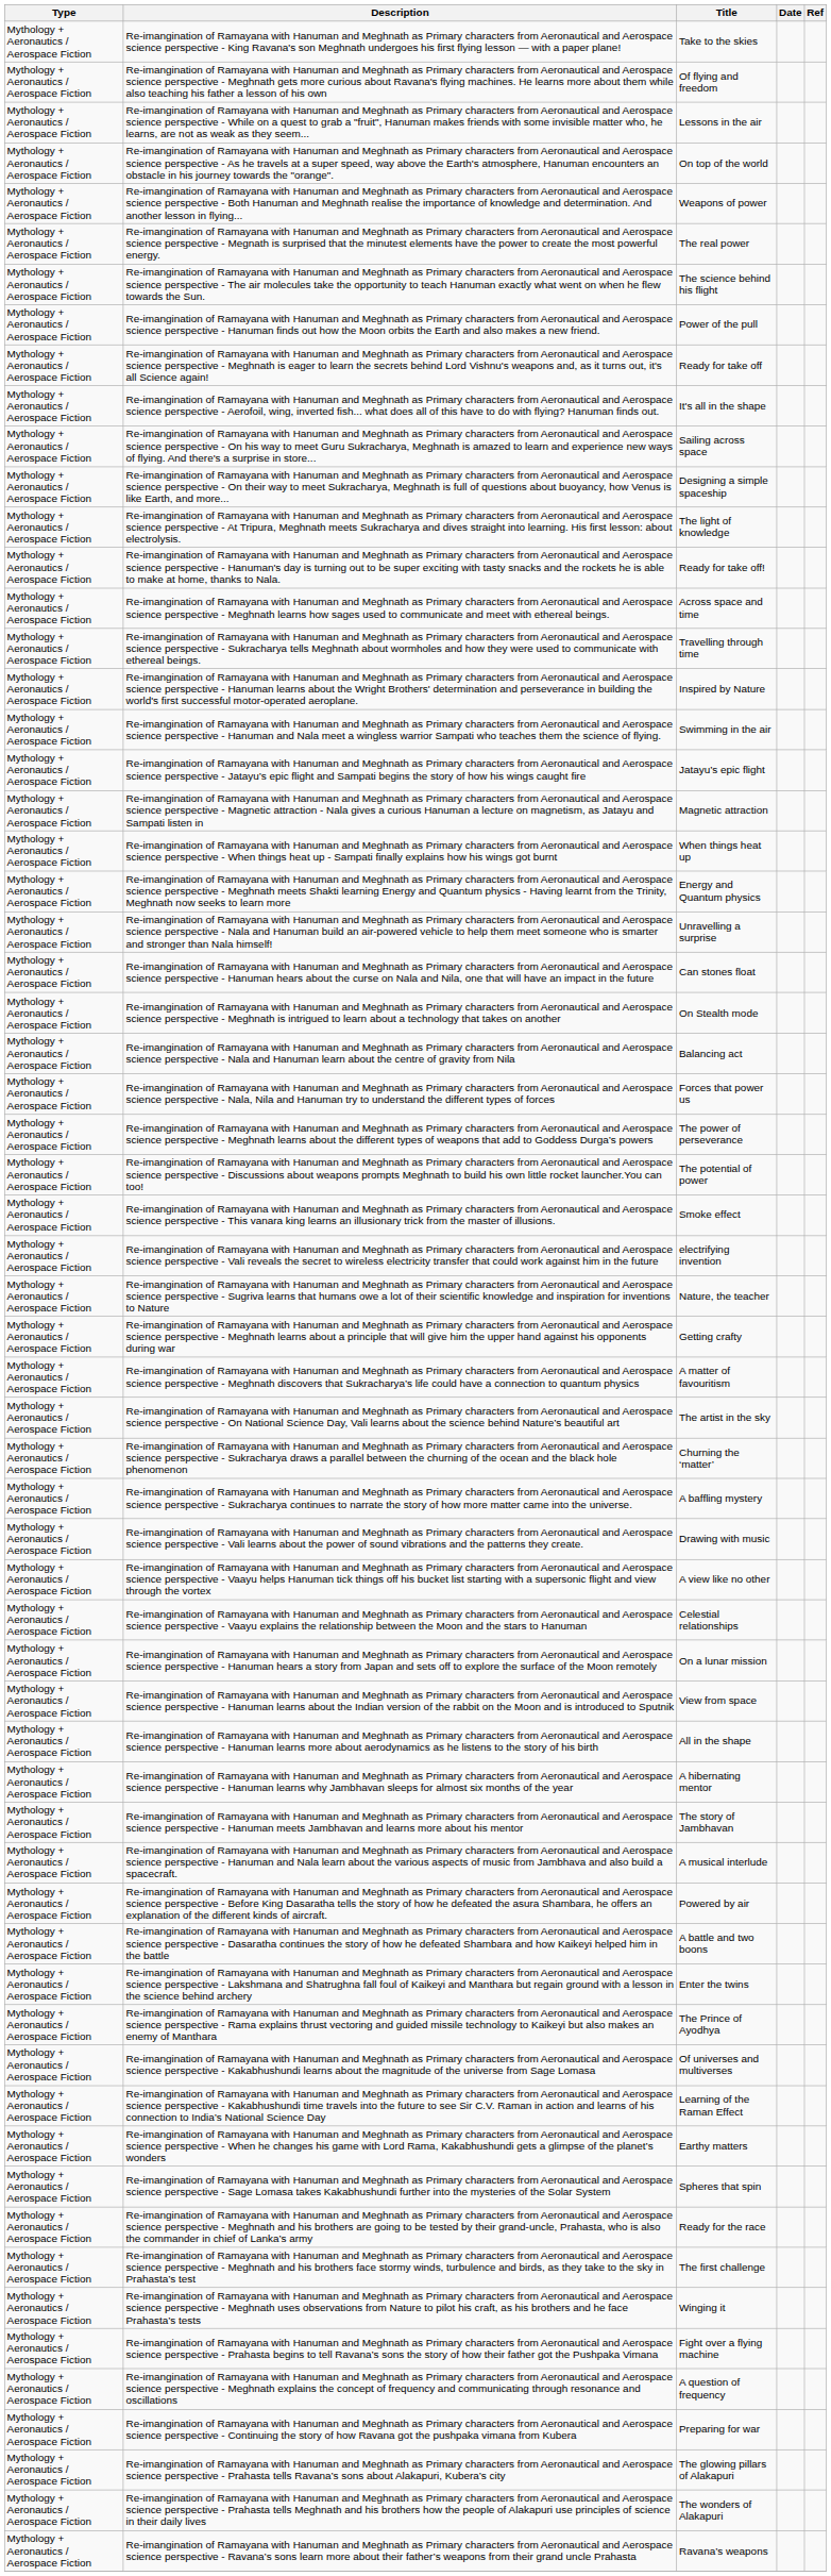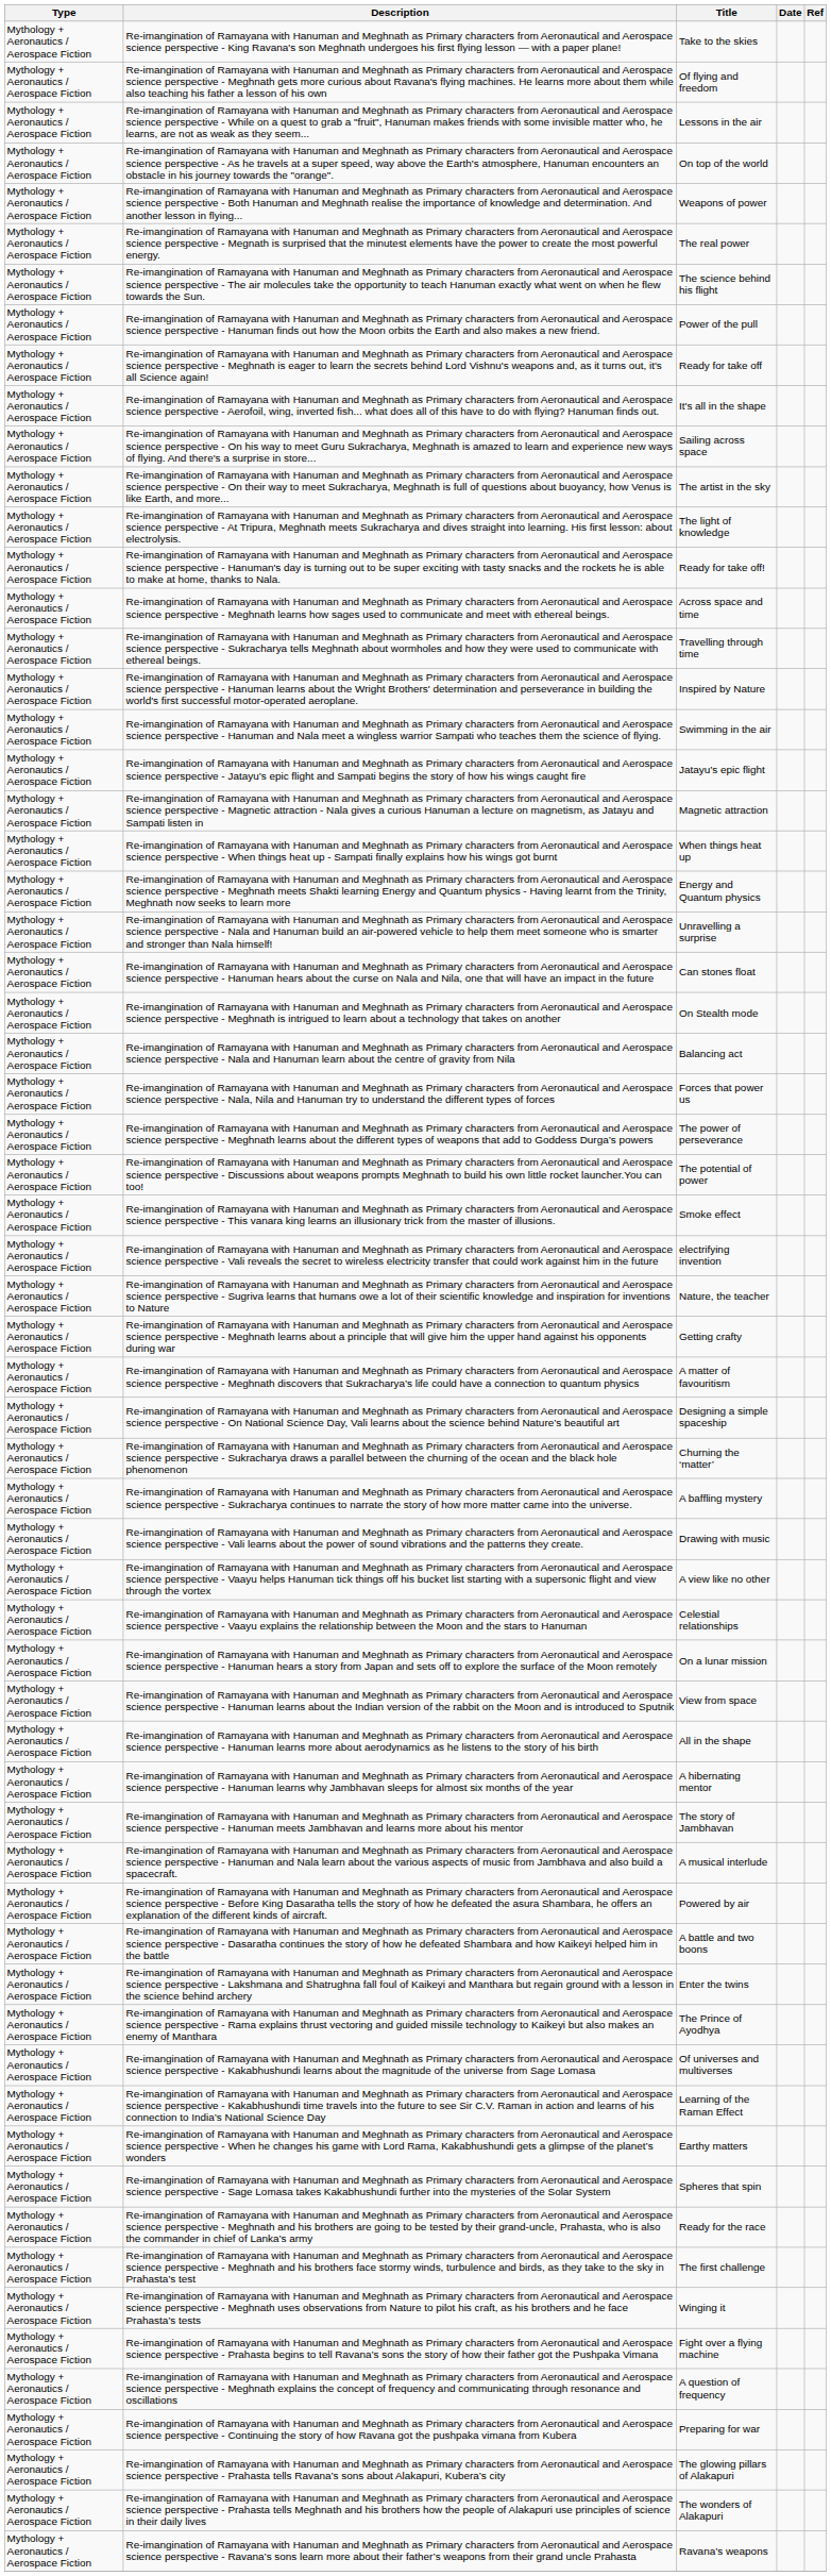 <table class="wikitable">
 <tr style="background:#cccccf; text-align:center;">
 <th>Type</th>
 <th>Description</th>
 <th>Title</th>
 <th>Date</th>
 <th>Ref</th>
 </tr>
 <tr>
 <td>Mythology + Aeronautics / Aerospace Fiction</td>
 <td>Re-imangination of Ramayana with Hanuman and Meghnath as Primary characters from Aeronautical and Aerospace science perspective - King Ravana's son Meghnath undergoes his first flying lesson — with a paper plane!</td>
 <td>Take to the skies</td>
 <td></td>
 <td></td>
 </tr>
 <tr>
 <td>Mythology + Aeronautics / Aerospace Fiction</td>
 <td>Re-imangination of Ramayana with Hanuman and Meghnath as Primary characters from Aeronautical and Aerospace science perspective - Meghnath gets more curious about Ravana's flying machines. He learns more about them while also teaching his father a lesson of his own</td>
 <td>Of flying and freedom</td>
 <td></td>
 <td></td>
 </tr>
 <tr>
 <td>Mythology + Aeronautics / Aerospace Fiction</td>
 <td>Re-imangination of Ramayana with Hanuman and Meghnath as Primary characters from Aeronautical and Aerospace science perspective - While on a quest to grab a "fruit", Hanuman makes friends with some invisible matter who, he learns, are not as weak as they seem...</td>
 <td>Lessons in the air</td>
 <td></td>
 <td></td>
 </tr>
 <tr>
 <td>Mythology + Aeronautics / Aerospace Fiction</td>
 <td>Re-imangination of Ramayana with Hanuman and Meghnath as Primary characters from Aeronautical and Aerospace science perspective - As he travels at a super speed, way above the Earth's atmosphere, Hanuman encounters an obstacle in his journey towards the "orange".</td>
 <td>On top of the world</td>
 <td></td>
 <td></td>
 </tr>
 <tr>
 <td>Mythology + Aeronautics / Aerospace Fiction</td>
 <td>Re-imangination of Ramayana with Hanuman and Meghnath as Primary characters from Aeronautical and Aerospace science perspective - Both Hanuman and Meghnath realise the importance of knowledge and determination. And another lesson in flying...</td>
 <td>Weapons of power</td>
 <td></td>
 <td></td>
 </tr>
 <tr>
 <td>Mythology + Aeronautics / Aerospace Fiction</td>
 <td>Re-imangination of Ramayana with Hanuman and Meghnath as Primary characters from Aeronautical and Aerospace science perspective - Megnath is surprised that the minutest elements have the power to create the most powerful energy.</td>
 <td>The real power</td>
 <td></td>
 <td></td>
 </tr>
 <tr>
 <td>Mythology + Aeronautics / Aerospace Fiction</td>
 <td>Re-imangination of Ramayana with Hanuman and Meghnath as Primary characters from Aeronautical and Aerospace science perspective - The air molecules take the opportunity to teach Hanuman exactly what went on when he flew towards the Sun.</td>
 <td>The science behind his flight</td>
 <td></td>
 <td></td>
 </tr>
 <tr>
 <td>Mythology + Aeronautics / Aerospace Fiction</td>
 <td>Re-imangination of Ramayana with Hanuman and Meghnath as Primary characters from Aeronautical and Aerospace science perspective - Hanuman finds out how the Moon orbits the Earth and also makes a new friend.</td>
 <td>Power of the pull</td>
 <td></td>
 <td></td>
 </tr>
 <tr>
 <td>Mythology + Aeronautics / Aerospace Fiction</td>
 <td>Re-imangination of Ramayana with Hanuman and Meghnath as Primary characters from Aeronautical and Aerospace science perspective - Meghnath is eager to learn the secrets behind Lord Vishnu's weapons and, as it turns out, it's all Science again!</td>
 <td>Ready for take off</td>
 <td></td>
 <td></td>
 </tr>
 <tr>
 <td>Mythology + Aeronautics / Aerospace Fiction</td>
 <td>Re-imangination of Ramayana with Hanuman and Meghnath as Primary characters from Aeronautical and Aerospace science perspective - Aerofoil, wing, inverted fish... what does all of this have to do with flying? Hanuman finds out.</td>
 <td>It's all in the shape</td>
 <td></td>
 <td></td>
 </tr>
 <tr>
 <td>Mythology + Aeronautics / Aerospace Fiction</td>
 <td>Re-imangination of Ramayana with Hanuman and Meghnath as Primary characters from Aeronautical and Aerospace science perspective - On his way to meet Guru Sukracharya, Meghnath is amazed to learn and experience new ways of flying. And there's a surprise in store...</td>
 <td>Sailing across space</td>
 <td></td>
 <td></td>
 </tr>
 <tr>
 <td>Mythology + Aeronautics / Aerospace Fiction</td>
 <td>Re-imangination of Ramayana with Hanuman and Meghnath as Primary characters from Aeronautical and Aerospace science perspective - On their way to meet Sukracharya, Meghnath is full of questions about buoyancy, how Venus is like Earth, and more...</td>
-<td>Designing a simple spaceship</td>
+<td>The artist in the sky</td>
 <td></td>
 <td></td>
 </tr>
 <tr>
 <td>Mythology + Aeronautics / Aerospace Fiction</td>
 <td>Re-imangination of Ramayana with Hanuman and Meghnath as Primary characters from Aeronautical and Aerospace science perspective - At Tripura, Meghnath meets Sukracharya and dives straight into learning. His first lesson: about electrolysis.</td>
 <td>The light of knowledge</td>
 <td></td>
 <td></td>
 </tr>
 <tr>
 <td>Mythology + Aeronautics / Aerospace Fiction</td>
 <td>Re-imangination of Ramayana with Hanuman and Meghnath as Primary characters from Aeronautical and Aerospace science perspective - Hanuman's day is turning out to be super exciting with tasty snacks and the rockets he is able to make at home, thanks to Nala.</td>
 <td>Ready for take off!</td>
 <td></td>
 <td></td>
 </tr>
 <tr>
 <td>Mythology + Aeronautics / Aerospace Fiction</td>
 <td>Re-imangination of Ramayana with Hanuman and Meghnath as Primary characters from Aeronautical and Aerospace science perspective - Meghnath learns how sages used to communicate and meet with ethereal beings.</td>
 <td>Across space and time</td>
 <td></td>
 <td></td>
 </tr>
 <tr>
 <td>Mythology + Aeronautics / Aerospace Fiction</td>
 <td>Re-imangination of Ramayana with Hanuman and Meghnath as Primary characters from Aeronautical and Aerospace science perspective - Sukracharya tells Meghnath about wormholes and how they were used to communicate with ethereal beings.</td>
 <td>Travelling through time</td>
 <td></td>
 <td></td>
 </tr>
 <tr>
 <td>Mythology + Aeronautics / Aerospace Fiction</td>
 <td>Re-imangination of Ramayana with Hanuman and Meghnath as Primary characters from Aeronautical and Aerospace science perspective - Hanuman learns about the Wright Brothers' determination and perseverance in building the world's first successful motor-operated aeroplane.</td>
 <td>Inspired by Nature</td>
 <td></td>
 <td></td>
 </tr>
 <tr>
 <td>Mythology + Aeronautics / Aerospace Fiction</td>
 <td>Re-imangination of Ramayana with Hanuman and Meghnath as Primary characters from Aeronautical and Aerospace science perspective - Hanuman and Nala meet a wingless warrior Sampati who teaches them the science of flying.</td>
 <td>Swimming in the air</td>
 <td></td>
 <td></td>
 </tr>
 <tr>
 <td>Mythology + Aeronautics / Aerospace Fiction</td>
 <td>Re-imangination of Ramayana with Hanuman and Meghnath as Primary characters from Aeronautical and Aerospace science perspective - Jatayu’s epic flight and Sampati begins the story of how his wings caught fire</td>
 <td>Jatayu’s epic flight</td>
 <td></td>
 <td></td>
 </tr>
 <tr>
 <td>Mythology + Aeronautics / Aerospace Fiction</td>
 <td>Re-imangination of Ramayana with Hanuman and Meghnath as Primary characters from Aeronautical and Aerospace science perspective - Magnetic attraction - Nala gives a curious Hanuman a lecture on magnetism, as Jatayu and Sampati listen in</td>
 <td>Magnetic attraction</td>
 <td></td>
 <td></td>
 </tr>
 <tr>
 <td>Mythology + Aeronautics / Aerospace Fiction</td>
 <td>Re-imangination of Ramayana with Hanuman and Meghnath as Primary characters from Aeronautical and Aerospace science perspective - When things heat up - Sampati finally explains how his wings got burnt</td>
 <td>When things heat up</td>
 <td></td>
 <td></td>
 </tr>
 <tr>
 <td>Mythology + Aeronautics / Aerospace Fiction</td>
 <td>Re-imangination of Ramayana with Hanuman and Meghnath as Primary characters from Aeronautical and Aerospace science perspective - Meghnath meets Shakti learning Energy and Quantum physics - Having learnt from the Trinity, Meghnath now seeks to learn more</td>
 <td>Energy and Quantum physics</td>
 <td></td>
 <td></td>
 </tr>
 <tr>
 <td>Mythology + Aeronautics / Aerospace Fiction</td>
 <td>Re-imangination of Ramayana with Hanuman and Meghnath as Primary characters from Aeronautical and Aerospace science perspective - Nala and Hanuman build an air-powered vehicle to help them meet someone who is smarter and stronger than Nala himself!</td>
 <td>Unravelling a surprise</td>
 <td></td>
 <td></td>
 </tr>
 <tr>
 <td>Mythology + Aeronautics / Aerospace Fiction</td>
 <td>Re-imangination of Ramayana with Hanuman and Meghnath as Primary characters from Aeronautical and Aerospace science perspective - Hanuman hears about the curse on Nala and Nila, one that will have an impact in the future</td>
 <td>Can stones float</td>
 <td></td>
 <td></td>
 </tr>
 <tr>
 <td>Mythology + Aeronautics / Aerospace Fiction</td>
 <td>Re-imangination of Ramayana with Hanuman and Meghnath as Primary characters from Aeronautical and Aerospace science perspective - Meghnath is intrigued to learn about a technology that takes on another</td>
 <td>On Stealth mode</td>
 <td></td>
 <td></td>
 </tr>
 <tr>
 <td>Mythology + Aeronautics / Aerospace Fiction</td>
 <td>Re-imangination of Ramayana with Hanuman and Meghnath as Primary characters from Aeronautical and Aerospace science perspective - Nala and Hanuman learn about the centre of gravity from Nila</td>
 <td>Balancing act</td>
 <td></td>
 <td></td>
 </tr>
 <tr>
 <td>Mythology + Aeronautics / Aerospace Fiction</td>
 <td>Re-imangination of Ramayana with Hanuman and Meghnath as Primary characters from Aeronautical and Aerospace science perspective - Nala, Nila and Hanuman try to understand the different types of forces</td>
 <td>Forces that power us</td>
 <td></td>
 <td></td>
 </tr>
 <tr>
 <td>Mythology + Aeronautics / Aerospace Fiction</td>
 <td>Re-imangination of Ramayana with Hanuman and Meghnath as Primary characters from Aeronautical and Aerospace science perspective - Meghnath learns about the different types of weapons that add to Goddess Durga’s powers</td>
 <td>The power of perseverance</td>
 <td></td>
 <td></td>
 </tr>
 <tr>
 <td>Mythology + Aeronautics / Aerospace Fiction</td>
 <td>Re-imangination of Ramayana with Hanuman and Meghnath as Primary characters from Aeronautical and Aerospace science perspective - Discussions about weapons prompts Meghnath to build his own little rocket launcher.You can too!</td>
 <td>The potential of power</td>
 <td></td>
 <td></td>
 </tr>
 <tr>
 <td>Mythology + Aeronautics / Aerospace Fiction</td>
 <td>Re-imangination of Ramayana with Hanuman and Meghnath as Primary characters from Aeronautical and Aerospace science perspective - This vanara king learns an illusionary trick from the master of illusions.</td>
 <td>Smoke effect</td>
 <td></td>
 <td></td>
 </tr>
 <tr>
 <td>Mythology + Aeronautics / Aerospace Fiction</td>
 <td>Re-imangination of Ramayana with Hanuman and Meghnath as Primary characters from Aeronautical and Aerospace science perspective - Vali reveals the secret to wireless electricity transfer that could work against him in the future</td>
 <td>electrifying invention</td>
 <td></td>
 <td></td>
 </tr>
 <tr>
 <td>Mythology + Aeronautics / Aerospace Fiction</td>
 <td>Re-imangination of Ramayana with Hanuman and Meghnath as Primary characters from Aeronautical and Aerospace science perspective - Sugriva learns that humans owe a lot of their scientific knowledge and inspiration for inventions to Nature</td>
 <td>Nature, the teacher</td>
 <td></td>
 <td></td>
 </tr>
 <tr>
 <td>Mythology + Aeronautics / Aerospace Fiction</td>
 <td>Re-imangination of Ramayana with Hanuman and Meghnath as Primary characters from Aeronautical and Aerospace science perspective - Meghnath learns about a principle that will give him the upper hand against his opponents during war</td>
 <td>Getting crafty</td>
 <td></td>
 <td></td>
 </tr>
 <tr>
 <td>Mythology + Aeronautics / Aerospace Fiction</td>
 <td>Re-imangination of Ramayana with Hanuman and Meghnath as Primary characters from Aeronautical and Aerospace science perspective - Meghnath discovers that Sukracharya’s life could have a connection to quantum physics</td>
 <td>A matter of favouritism</td>
 <td></td>
 <td></td>
 </tr>
 <tr>
 <td>Mythology + Aeronautics / Aerospace Fiction</td>
 <td>Re-imangination of Ramayana with Hanuman and Meghnath as Primary characters from Aeronautical and Aerospace science perspective - On National Science Day, Vali learns about the science behind Nature’s beautiful art</td>
-<td>The artist in the sky</td>
+<td>Designing a simple spaceship</td>
 <td></td>
 <td></td>
 </tr>
 <tr>
 <td>Mythology + Aeronautics / Aerospace Fiction</td>
 <td>Re-imangination of Ramayana with Hanuman and Meghnath as Primary characters from Aeronautical and Aerospace science perspective - Sukracharya draws a parallel between the churning of the ocean and the black hole phenomenon</td>
 <td>Churning the ‘matter’</td>
 <td></td>
 <td></td>
 </tr>
 <tr>
 <td>Mythology + Aeronautics / Aerospace Fiction</td>
 <td>Re-imangination of Ramayana with Hanuman and Meghnath as Primary characters from Aeronautical and Aerospace science perspective - Sukracharya continues to narrate the story of how more matter came into the universe.</td>
 <td>A baffling mystery</td>
 <td></td>
 <td></td>
 </tr>
 <tr>
 <td>Mythology + Aeronautics / Aerospace Fiction</td>
 <td>Re-imangination of Ramayana with Hanuman and Meghnath as Primary characters from Aeronautical and Aerospace science perspective - Vali learns about the power of sound vibrations and the patterns they create.</td>
 <td>Drawing with music</td>
 <td></td>
 <td></td>
 </tr>
 <tr>
 <td>Mythology + Aeronautics / Aerospace Fiction</td>
 <td>Re-imangination of Ramayana with Hanuman and Meghnath as Primary characters from Aeronautical and Aerospace science perspective - Vaayu helps Hanuman tick things off his bucket list starting with a supersonic flight and view through the vortex</td>
 <td>A view like no other</td>
 <td></td>
 <td></td>
 </tr>
 <tr>
 <td>Mythology + Aeronautics / Aerospace Fiction</td>
 <td>Re-imangination of Ramayana with Hanuman and Meghnath as Primary characters from Aeronautical and Aerospace science perspective - Vaayu explains the relationship between the Moon and the stars to Hanuman</td>
 <td>Celestial relationships</td>
 <td></td>
 <td></td>
 </tr>
 <tr>
 <td>Mythology + Aeronautics / Aerospace Fiction</td>
 <td>Re-imangination of Ramayana with Hanuman and Meghnath as Primary characters from Aeronautical and Aerospace science perspective - Hanuman hears a story from Japan and sets off to explore the surface of the Moon remotely</td>
 <td>On a lunar mission</td>
 <td></td>
 <td></td>
 </tr>
 <tr>
 <td>Mythology + Aeronautics / Aerospace Fiction</td>
 <td>Re-imangination of Ramayana with Hanuman and Meghnath as Primary characters from Aeronautical and Aerospace science perspective - Hanuman learns about the Indian version of the rabbit on the Moon and is introduced to Sputnik</td>
 <td>View from space</td>
 <td></td>
 <td></td>
 </tr>
 <tr>
 <td>Mythology + Aeronautics / Aerospace Fiction</td>
 <td>Re-imangination of Ramayana with Hanuman and Meghnath as Primary characters from Aeronautical and Aerospace science perspective - Hanuman learns more about aerodynamics as he listens to the story of his birth</td>
 <td>All in the shape</td>
 <td></td>
 <td></td>
 </tr>
 <tr>
 <td>Mythology + Aeronautics / Aerospace Fiction</td>
 <td>Re-imangination of Ramayana with Hanuman and Meghnath as Primary characters from Aeronautical and Aerospace science perspective - Hanuman learns why Jambhavan sleeps for almost six months of the year</td>
 <td>A hibernating mentor</td>
 <td></td>
 <td></td>
 </tr>
 <tr>
 <td>Mythology + Aeronautics / Aerospace Fiction</td>
 <td>Re-imangination of Ramayana with Hanuman and Meghnath as Primary characters from Aeronautical and Aerospace science perspective - Hanuman meets Jambhavan and learns more about his mentor</td>
 <td>The story of Jambhavan</td>
 <td></td>
 <td></td>
 </tr>
 <tr>
 <td>Mythology + Aeronautics / Aerospace Fiction</td>
 <td>Re-imangination of Ramayana with Hanuman and Meghnath as Primary characters from Aeronautical and Aerospace science perspective - Hanuman and Nala learn about the various aspects of music from Jambhava and also build a spacecraft.</td>
 <td>A musical interlude</td>
 <td></td>
 <td></td>
 </tr>
 <tr>
 <td>Mythology + Aeronautics / Aerospace Fiction</td>
 <td>Re-imangination of Ramayana with Hanuman and Meghnath as Primary characters from Aeronautical and Aerospace science perspective - Before King Dasaratha tells the story of how he defeated the asura Shambara, he offers an explanation of the different kinds of aircraft.</td>
 <td>Powered by air</td>
 <td></td>
 <td></td>
 </tr>
 <tr>
 <td>Mythology + Aeronautics / Aerospace Fiction</td>
 <td>Re-imangination of Ramayana with Hanuman and Meghnath as Primary characters from Aeronautical and Aerospace science perspective - Dasaratha continues the story of how he defeated Shambara and how Kaikeyi helped him in the battle</td>
 <td>A battle and two boons</td>
 <td></td>
 <td></td>
 </tr>
 <tr>
 <td>Mythology + Aeronautics / Aerospace Fiction</td>
 <td>Re-imangination of Ramayana with Hanuman and Meghnath as Primary characters from Aeronautical and Aerospace science perspective - Lakshmana and Shatrughna fall foul of Kaikeyi and Manthara but regain ground with a lesson in the science behind archery</td>
 <td>Enter the twins</td>
 <td></td>
 <td></td>
 </tr>
 <tr>
 <td>Mythology + Aeronautics / Aerospace Fiction</td>
 <td>Re-imangination of Ramayana with Hanuman and Meghnath as Primary characters from Aeronautical and Aerospace science perspective - Rama explains thrust vectoring and guided missile technology to Kaikeyi but also makes an enemy of Manthara</td>
 <td>The Prince of Ayodhya</td>
 <td></td>
 <td></td>
 </tr>
 <tr>
 <td>Mythology + Aeronautics / Aerospace Fiction</td>
 <td>Re-imangination of Ramayana with Hanuman and Meghnath as Primary characters from Aeronautical and Aerospace science perspective - Kakabhushundi learns about the magnitude of the universe from Sage Lomasa</td>
 <td>Of universes and multiverses</td>
 <td></td>
 <td></td>
 </tr>
 <tr>
 <td>Mythology + Aeronautics / Aerospace Fiction</td>
 <td>Re-imangination of Ramayana with Hanuman and Meghnath as Primary characters from Aeronautical and Aerospace science perspective - Kakabhushundi time travels into the future to see Sir C.V. Raman in action and learns of his connection to India’s National Science Day</td>
 <td>Learning of the Raman Effect</td>
 <td></td>
 <td></td>
 </tr>
 <tr>
 <td>Mythology + Aeronautics / Aerospace Fiction</td>
 <td>Re-imangination of Ramayana with Hanuman and Meghnath as Primary characters from Aeronautical and Aerospace science perspective - When he changes his game with Lord Rama, Kakabhushundi gets a glimpse of the planet’s wonders</td>
 <td>Earthy matters</td>
 <td></td>
 <td></td>
 </tr>
 <tr>
 <td>Mythology + Aeronautics / Aerospace Fiction</td>
 <td>Re-imangination of Ramayana with Hanuman and Meghnath as Primary characters from Aeronautical and Aerospace science perspective - Sage Lomasa takes Kakabhushundi further into the mysteries of the Solar System</td>
 <td>Spheres that spin</td>
 <td></td>
 <td></td>
 </tr>
 <tr>
 <td>Mythology + Aeronautics / Aerospace Fiction</td>
 <td>Re-imangination of Ramayana with Hanuman and Meghnath as Primary characters from Aeronautical and Aerospace science perspective - Meghnath and his brothers are going to be tested by their grand-uncle, Prahasta, who is also the commander in chief of Lanka’s army</td>
 <td>Ready for the race</td>
 <td></td>
 <td></td>
 </tr>
 <tr>
 <td>Mythology + Aeronautics / Aerospace Fiction</td>
 <td>Re-imangination of Ramayana with Hanuman and Meghnath as Primary characters from Aeronautical and Aerospace science perspective - Meghnath and his brothers face stormy winds, turbulence and birds, as they take to the sky in Prahasta’s test</td>
 <td>The first challenge</td>
 <td></td>
 <td></td>
 </tr>
 <tr>
 <td>Mythology + Aeronautics / Aerospace Fiction</td>
 <td>Re-imangination of Ramayana with Hanuman and Meghnath as Primary characters from Aeronautical and Aerospace science perspective - Meghnath uses observations from Nature to pilot his craft, as his brothers and he face Prahasta’s tests</td>
 <td>Winging it</td>
 <td></td>
 <td></td>
 </tr>
 <tr>
 <td>Mythology + Aeronautics / Aerospace Fiction</td>
 <td>Re-imangination of Ramayana with Hanuman and Meghnath as Primary characters from Aeronautical and Aerospace science perspective - Prahasta begins to tell Ravana’s sons the story of how their father got the Pushpaka Vimana</td>
 <td>Fight over a flying machine</td>
 <td></td>
 <td></td>
 </tr>
 <tr>
 <td>Mythology + Aeronautics / Aerospace Fiction</td>
 <td>Re-imangination of Ramayana with Hanuman and Meghnath as Primary characters from Aeronautical and Aerospace science perspective - Meghnath explains the concept of frequency and communicating through resonance and oscillations</td>
 <td>A question of frequency</td>
 <td></td>
 <td></td>
 </tr>
 <tr>
 <td>Mythology + Aeronautics / Aerospace Fiction</td>
 <td>Re-imangination of Ramayana with Hanuman and Meghnath as Primary characters from Aeronautical and Aerospace science perspective - Continuing the story of how Ravana got the pushpaka vimana from Kubera</td>
 <td>Preparing for war</td>
 <td></td>
 <td></td>
 </tr>
 <tr>
 <td>Mythology + Aeronautics / Aerospace Fiction</td>
 <td>Re-imangination of Ramayana with Hanuman and Meghnath as Primary characters from Aeronautical and Aerospace science perspective - Prahasta tells Ravana’s sons about Alakapuri, Kubera’s city</td>
 <td>The glowing pillars of Alakapuri</td>
 <td></td>
 <td></td>
 </tr>
 <tr>
 <td>Mythology + Aeronautics / Aerospace Fiction</td>
 <td>Re-imangination of Ramayana with Hanuman and Meghnath as Primary characters from Aeronautical and Aerospace science perspective - Prahasta tells Meghnath and his brothers how the people of Alakapuri use principles of science in their daily lives</td>
 <td>The wonders of Alakapuri</td>
 <td></td>
 <td></td>
 </tr>
 <tr>
 <td>Mythology + Aeronautics / Aerospace Fiction</td>
 <td>Re-imangination of Ramayana with Hanuman and Meghnath as Primary characters from Aeronautical and Aerospace science perspective - Ravana’s sons learn more about their father’s weapons from their grand uncle Prahasta</td>
 <td>Ravana’s weapons</td>
 <td></td>
 <td></td>
 </tr>
 <tr>
 </tr>
 </table>
